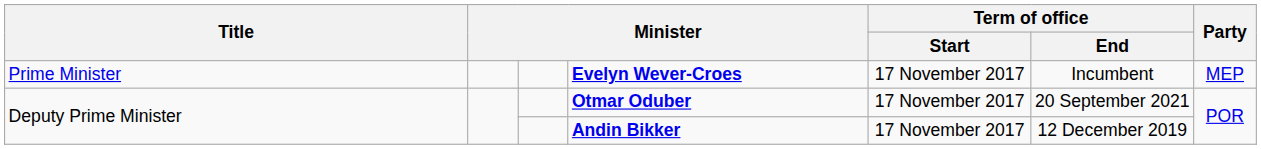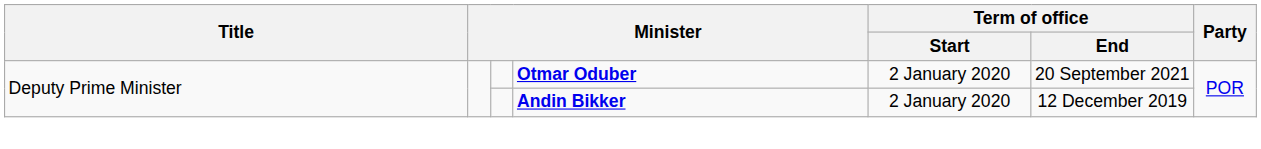 <table class="wikitable sortable" style="text-align:left">
 <tr>
 <th rowspan="2" width="37%">Title</th>
 <th colspan="3" rowspan="2">Minister</th>
 <th colspan="2">Term of office</th>
 <th rowspan="2" width="5%">Party</th>
 </tr>
 <tr>
 <th width="13%" data-sort-type=date>Start</th>
 <th width="13%" data-sort-type=date>End</th>
 </tr>
 <tr>
-<td><a href='#'>Prime Minister</a></td>
-<td style="background:"></td>
-<td></td>
-<td width="24%"><strong><a href='#'>Evelyn Wever-Croes</a></strong></td>
-<td style="text-align:center">17 November 2017</td>
-<td style="text-align:center">Incumbent</td>
-<td style="text-align:center"><a href='#'>MEP</a></td>
-</tr>
-<tr>
 <td rowspan="2">Deputy Prime Minister</td>
 <td rowspan="2" style="background:"></td>
 <td></td>
 <td><strong><a href='#'>Otmar Oduber</a></strong></td>
-<td style="text-align:center">17 November 2017</td>
+<td style="text-align:center">2 January 2020</td>
 <td style="text-align:center">20 September 2021</td>
 <td rowspan="2" style="text-align:center"><a href='#'>POR</a></td>
 </tr>
 <tr>
 <td></td>
 <td><strong><a href='#'>Andin Bikker</a></strong></td>
-<td style="text-align:center">17 November 2017</td>
+<td style="text-align:center">2 January 2020</td>
 <td style="text-align:center">12 December 2019</td>
 </tr>
 </table>
